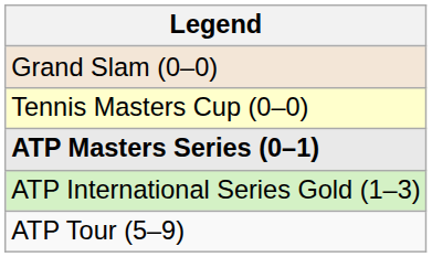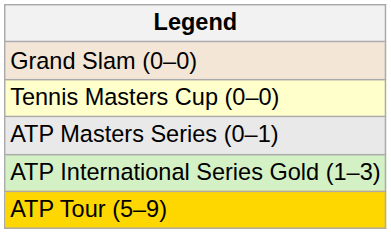 <table class="wikitable sortable mw-collapsible mw-collapsed">
 <tr>
 <th>Legend</th>
 </tr>
 <tr style="background:#f3e6d7;">
 <td>Grand Slam (0–0)</td>
 </tr>
 <tr style="background:#ffc;">
 <td>Tennis Masters Cup (0–0)</td>
 </tr>
 <tr style="background:#e9e9e9;">
-<td><strong>ATP Masters Series (0–1)</strong></td>
+<td>ATP Masters Series (0–1)</td>
 </tr>
 <tr style="background:#d4f1c5;">
 <td>ATP International Series Gold (1–3)</td>
 </tr>
 <tr>
-<td>ATP Tour (5–9)</td>
+<td style="background: gold;">ATP Tour (5–9)</td>
 </tr>
 </table>
